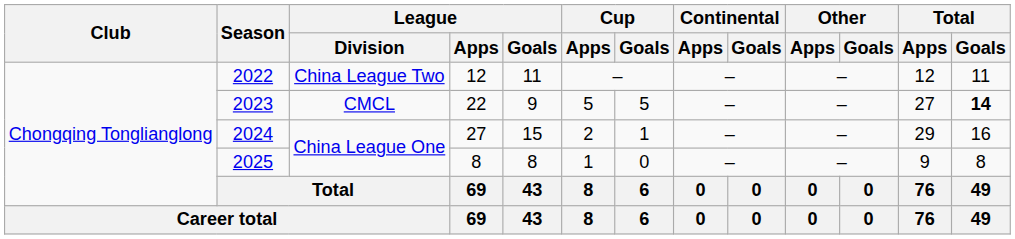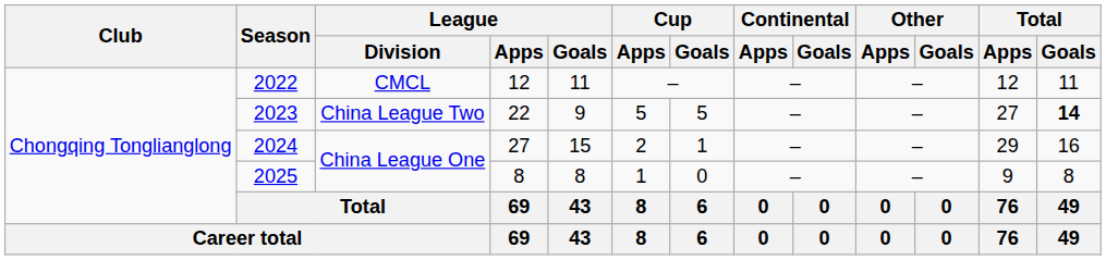 <table class="wikitable" style="text-align: center">
 <tr>
 <th rowspan="2">Club</th>
 <th rowspan="2">Season</th>
 <th colspan="3">League</th>
 <th colspan="2">Cup</th>
 <th colspan="2">Continental</th>
 <th colspan="2">Other</th>
 <th colspan="2">Total</th>
 </tr>
 <tr>
 <th>Division</th>
 <th>Apps</th>
 <th>Goals</th>
 <th>Apps</th>
 <th>Goals</th>
 <th>Apps</th>
 <th>Goals</th>
 <th>Apps</th>
 <th>Goals</th>
 <th>Apps</th>
 <th>Goals</th>
 </tr>
 <tr>
 <td rowspan="5"><a href='#'>Chongqing Tonglianglong</a></td>
 <td><a href='#'>2022</a></td>
-<td><a href='#'>China League Two</a></td>
+<td><a href='#'>CMCL</a></td>
 <td>12</td>
 <td>11</td>
 <td colspan="2">–</td>
 <td colspan="2">–</td>
 <td colspan="2">–</td>
 <td>12</td>
 <td>11</td>
 </tr>
 <tr>
 <td><a href='#'>2023</a></td>
-<td><a href='#'>CMCL</a></td>
+<td><a href='#'>China League Two</a></td>
 <td>22</td>
 <td>9</td>
 <td>5</td>
 <td>5</td>
 <td colspan="2">–</td>
 <td colspan="2">–</td>
 <td>27</td>
 <td><strong>14</strong></td>
 </tr>
 <tr>
 <td><a href='#'>2024</a></td>
 <td rowspan="2"><a href='#'>China League One</a></td>
 <td>27</td>
 <td>15</td>
 <td>2</td>
 <td>1</td>
 <td colspan="2">–</td>
 <td colspan="2">–</td>
 <td>29</td>
 <td>16</td>
 </tr>
 <tr>
 <td><a href='#'>2025</a></td>
 <td>8</td>
 <td>8</td>
 <td>1</td>
 <td>0</td>
 <td colspan="2">–</td>
 <td colspan="2">–</td>
 <td>9</td>
 <td>8</td>
 </tr>
 <tr>
 <th colspan=2>Total</th>
 <th>69</th>
 <th>43</th>
 <th>8</th>
 <th>6</th>
 <th>0</th>
 <th>0</th>
 <th>0</th>
 <th>0</th>
 <th>76</th>
 <th>49</th>
 </tr>
 <tr>
 <th colspan=3>Career total</th>
 <th>69</th>
 <th>43</th>
 <th>8</th>
 <th>6</th>
 <th>0</th>
 <th>0</th>
 <th>0</th>
 <th>0</th>
 <th>76</th>
 <th>49</th>
 </tr>
 </table>
